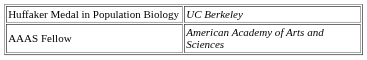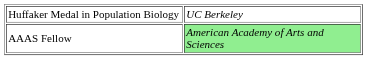 <table border="1" cellpadding="2">
 <tr>
 <td width="250pt">Huffaker Medal in Population Biology</td>
 <td width="250pt"><em>UC Berkeley</em></td>
 </tr>
 <tr>
 <td>AAAS Fellow</td>
-<td><em>American Academy of Arts and Sciences</em></td>
+<td style="background: lightgreen;"><em>American Academy of Arts and Sciences</em></td>
 </tr>
 </table>
